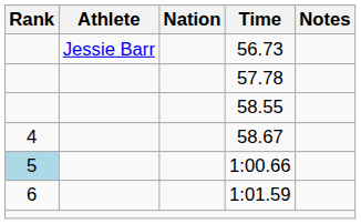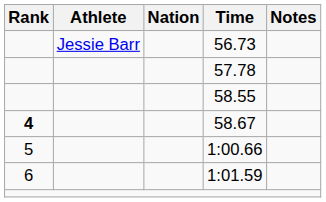 <table class="wikitable sortable" style="text-align:center;">
 <tr>
 <th scope="col" style="width: 10px;">Rank</th>
 <th scope="col">Athlete</th>
 <th scope="col">Nation</th>
 <th scope="col">Time</th>
 <th scope="col">Notes</th>
 </tr>
 <tr>
 <td></td>
 <td align=left><a href='#'>Jessie Barr</a></td>
 <td align=left></td>
 <td>56.73</td>
 <td></td>
 </tr>
 <tr>
 <td></td>
 <td align=left></td>
 <td align=left></td>
 <td>57.78</td>
 <td></td>
 </tr>
 <tr>
 <td></td>
 <td align=left></td>
 <td align=left></td>
 <td>58.55</td>
 <td></td>
 </tr>
 <tr>
-<td>4</td>
+<td><strong>4</strong></td>
 <td align=left></td>
 <td align=left></td>
 <td>58.67</td>
 <td></td>
 </tr>
 <tr>
-<td style="background: lightblue;">5</td>
+<td>5</td>
 <td align=left></td>
 <td align=left></td>
 <td>1:00.66</td>
 <td></td>
 </tr>
 <tr>
 <td>6</td>
 <td align=left></td>
 <td align=left></td>
 <td>1:01.59</td>
 <td></td>
 </tr>
 <tr class="sortbottom">
 <td colspan="5"></td>
 </tr>
 </table>
